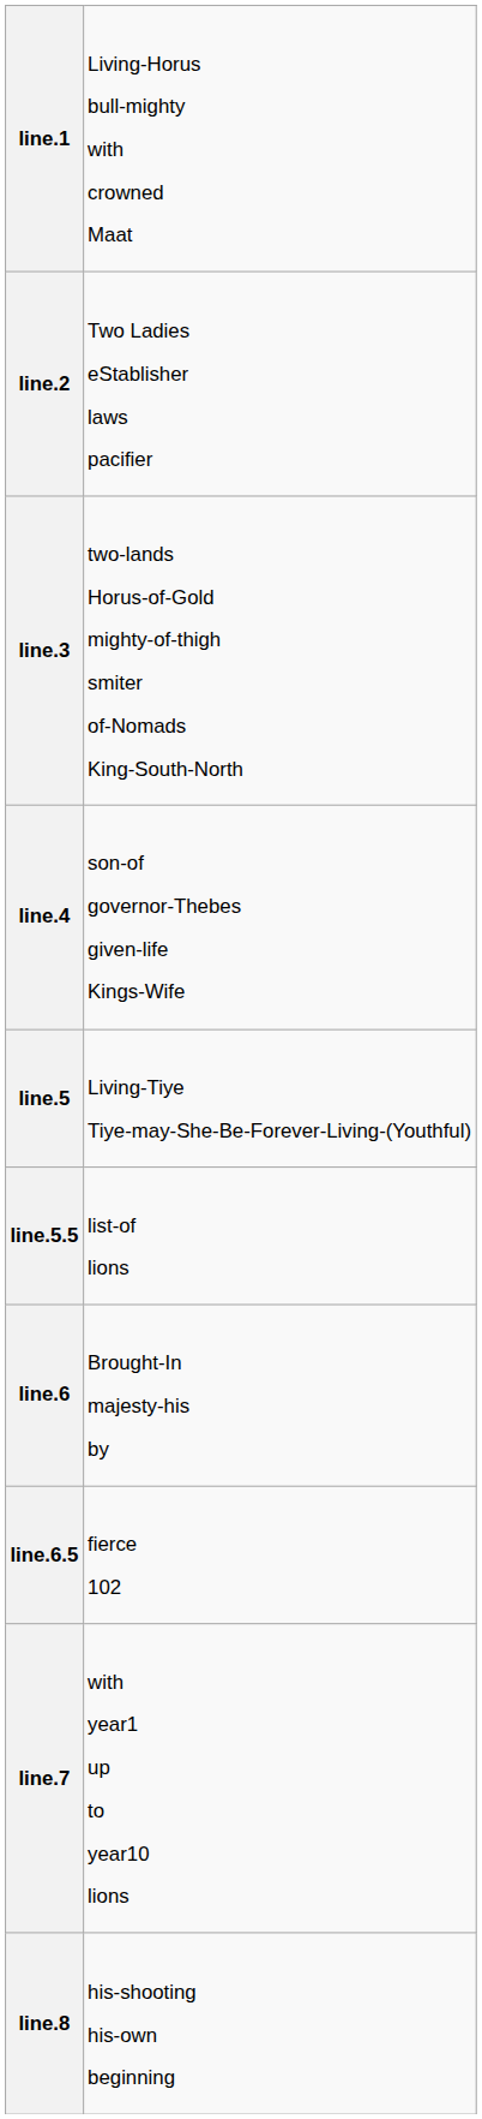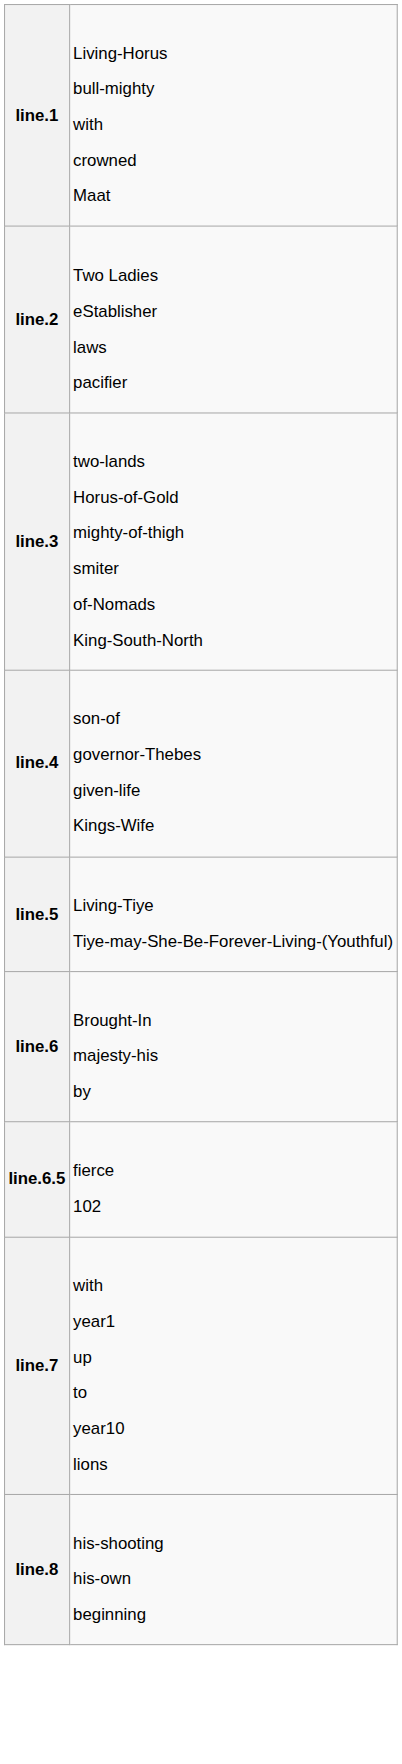 <table class="wikitable">
 <tr>
 <th>line.1</th>
 <td><div><br>     <p>Living-Horus</p> <p>bull-mighty</p> <p>with</p> <p>crowned</p> <p>Maat</p> </div></td>
 </tr>
 <tr>
 <th>line.2</th>
 <td><div><br>    <p>Two Ladies</p> <p>eStablisher</p> <p>laws</p> <p>pacifier</p> </div></td>
 </tr>
 <tr>
 <th>line.3</th>
 <td><div><br>      <p>two-lands</p> <p>Horus-of-Gold</p> <p>mighty-of-thigh</p> <p>smiter</p> <p>of-Nomads</p> <p>King-South-North</p> </div></td>
 </tr>
 <tr>
 <th>line.4</th>
 <td><div><br>     <p>son-of</p> <p>governor-Thebes</p> <p>given-life</p> <p>Kings-Wife</p> </div></td>
 </tr>
 <tr>
 <th>line.5</th>
 <td><div><br>  <p>Living-Tiye</p> <p>Tiye-may-She-Be-Forever-Living-(Youthful)</p> </div></td>
 </tr>
 <tr>
-<th>line.5.5</th>
-<td><div><br>  <p>list-of</p> <p>lions</p> </div></td>
-</tr>
-<tr>
 <th>line.6</th>
 <td><div><br>   <p>Brought-In</p> <p>majesty-his</p> <p>by</p> </div></td>
 </tr>
 <tr>
 <th>line.6.5</th>
 <td><div><br>  <p>fierce</p> <p>102</p> </div></td>
 </tr>
 <tr>
 <th>line.7</th>
 <td><div><br>      <p>with</p> <p>year1</p> <p>up</p> <p>to</p> <p>year10</p> <p>lions</p> </div></td>
 </tr>
 <tr>
 <th>line.8</th>
 <td><div><br>   <p>his-shooting</p> <p>his-own</p> <p>beginning</p> </div></td>
 </tr>
 </table>
